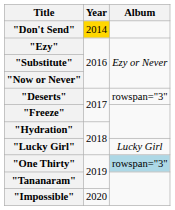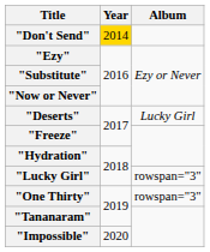 <table class="wikitable plainrowheaders" style="text-align:center;" border="1">
 <tr>
 <th>Title</th>
 <th>Year</th>
 <th>Album</th>
 </tr>
 <tr>
 <th scope="row">"Don't Send" </th>
 <td style="background: gold;">2014</td>
 <td></td>
 </tr>
 <tr>
 <th scope="row">"Ezy"</th>
 <td rowspan="3">2016</td>
 <td rowspan="3"><em>Ezy or Never</em></td>
 </tr>
 <tr>
 <th scope="row">"Substitute" </th>
 </tr>
 <tr>
 <th scope="row">"Now or Never" </th>
 </tr>
 <tr>
 <th scope="row">"Deserts"</th>
 <td rowspan="2">2017</td>
-<td>rowspan="3" </td>
+<td><em>Lucky Girl</em></td>
 </tr>
 <tr>
 <th scope="row">"Freeze"</th>
 </tr>
 <tr>
 <th scope="row">"Hydration" </th>
 <td rowspan="2">2018</td>
 </tr>
 <tr>
 <th scope="row">"Lucky Girl" </th>
-<td><em>Lucky Girl</em></td>
+<td>rowspan="3" </td>
 </tr>
 <tr>
 <th scope="row">"One Thirty" </th>
 <td rowspan="2">2019</td>
-<td style="background: lightblue;">rowspan="3" </td>
+<td>rowspan="3" </td>
 </tr>
 <tr>
 <th scope="row">"Tananaram" </th>
 </tr>
 <tr>
 <th scope="row">"Impossible" </th>
 <td>2020</td>
 </tr>
 </table>
